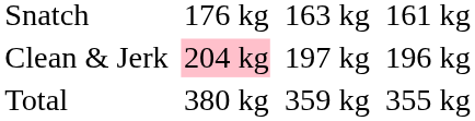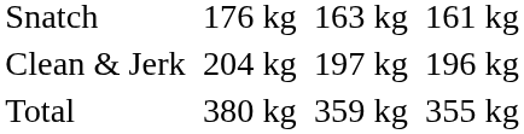 <table>
 <tr>
 <td>Snatch</td>
 <td></td>
 <td>176 kg</td>
 <td></td>
 <td>163 kg</td>
 <td></td>
 <td>161 kg</td>
 </tr>
 <tr>
 <td>Clean & Jerk</td>
 <td></td>
-<td style="background: pink;">204 kg</td>
+<td>204 kg</td>
 <td></td>
 <td>197 kg</td>
 <td></td>
 <td>196 kg</td>
 </tr>
 <tr>
 <td>Total</td>
 <td></td>
 <td>380 kg</td>
 <td></td>
 <td>359 kg</td>
 <td></td>
 <td>355 kg</td>
 </tr>
 </table>
